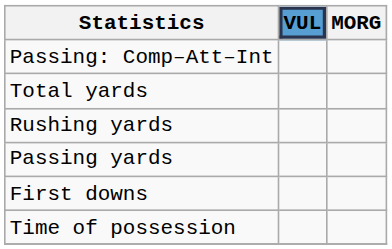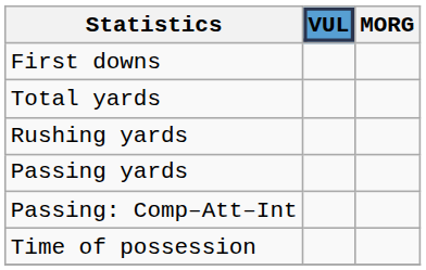 <table class="wikitable" style="float: left;">
 <tr>
 <th>Statistics</th>
 <th style="background-color:#579FD3;color:#000000;box-shadow: inset 2px 2px 0 #2A344E, inset -2px -2px 0 #2A344E">VUL</th>
 <th>MORG</th>
 </tr>
 <tr>
-<td>Passing: Comp–Att–Int</td>
+<td>First downs</td>
 <td></td>
 <td></td>
 </tr>
 <tr>
 <td>Total yards</td>
 <td></td>
 <td></td>
 </tr>
 <tr>
 <td>Rushing yards</td>
 <td></td>
 <td></td>
 </tr>
 <tr>
 <td>Passing yards</td>
 <td></td>
 <td></td>
 </tr>
 <tr>
-<td>First downs</td>
+<td>Passing: Comp–Att–Int</td>
 <td></td>
 <td></td>
 </tr>
 <tr>
 <td>Time of possession</td>
 <td></td>
 <td></td>
 </tr>
 <tr>
 </tr>
 </table>
